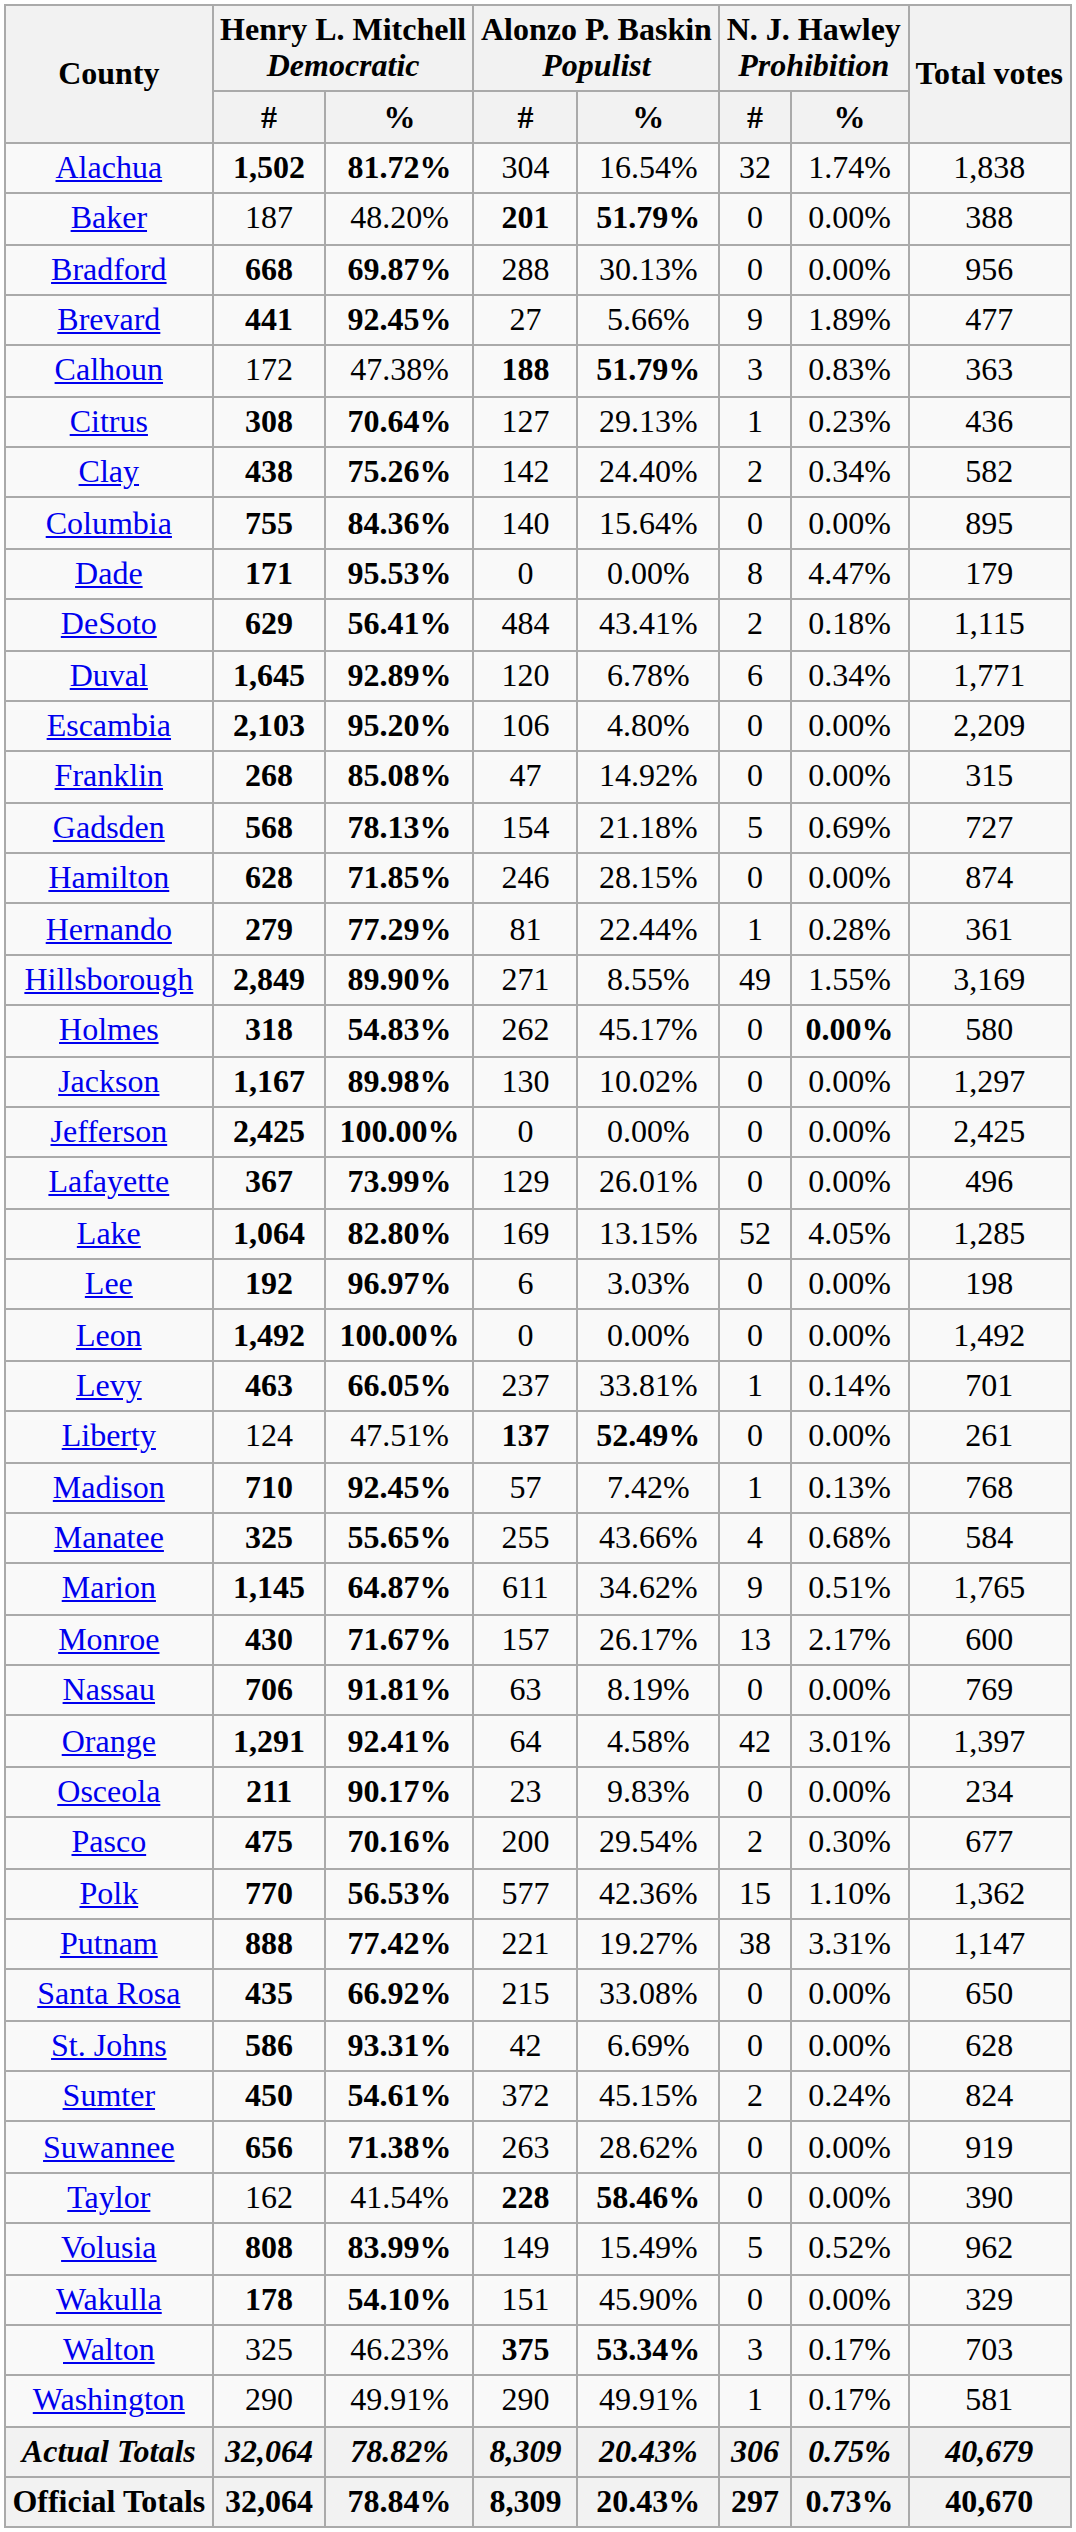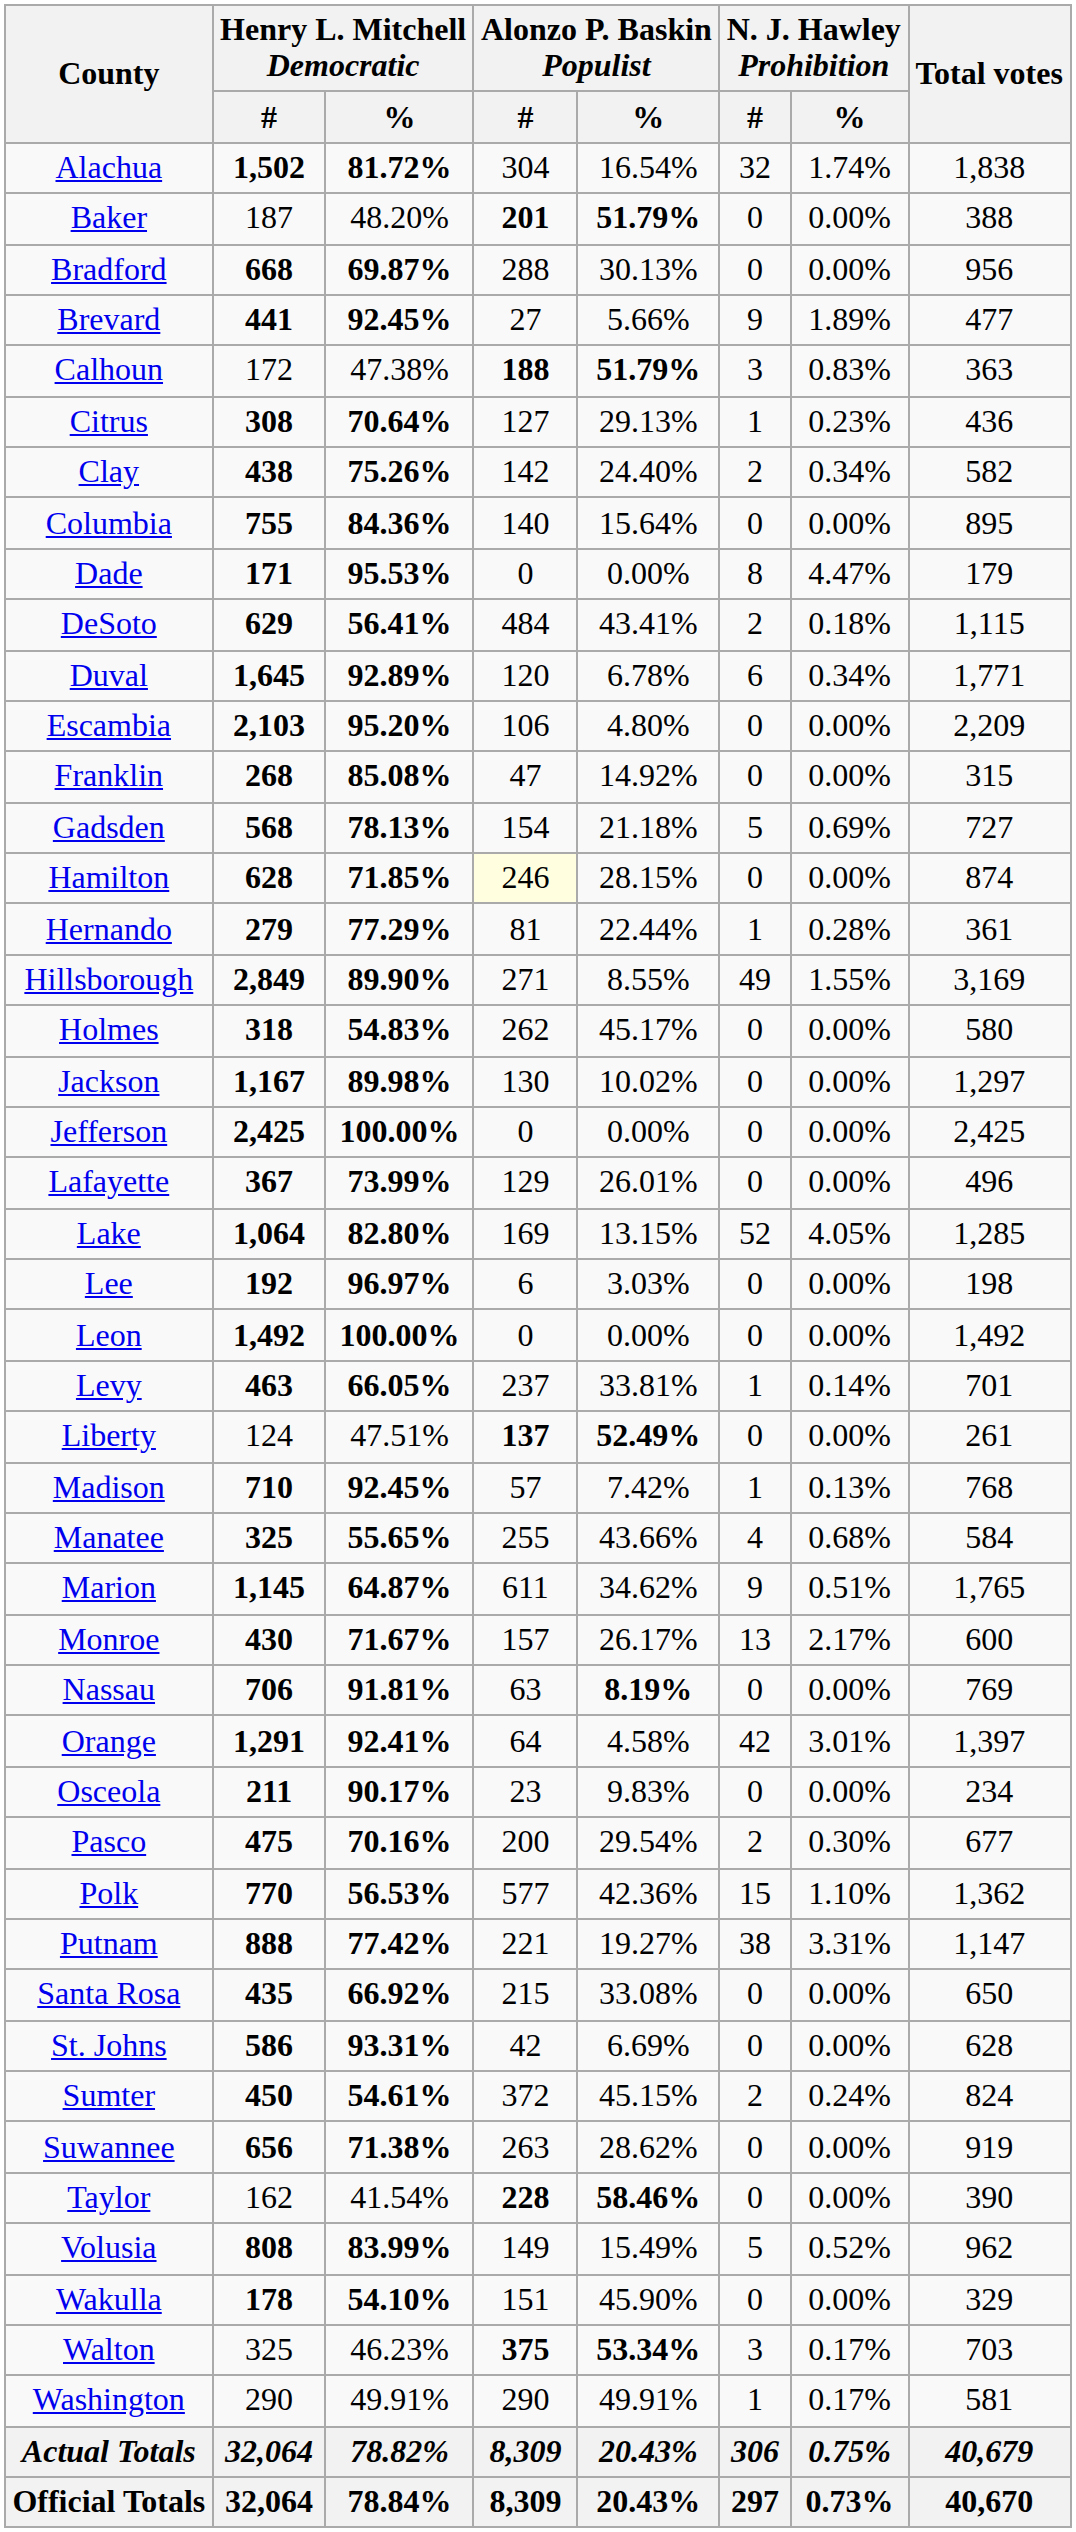 <table class="wikitable sortable">
 <tr>
 <th rowspan="2">County</th>
 <th colspan="2" style="text-align: center;" >Henry L. Mitchell <br><em>Democratic</em></th>
 <th colspan="2" style="text-align: center;" >Alonzo P. Baskin <br> <em>Populist</em></th>
 <th colspan="2" style="text-align: center;" >N. J. Hawley <br> <em>Prohibition</em></th>
 <th rowspan="2">Total votes</th>
 </tr>
 <tr>
 <th colspan="1" style="text-align: center;" >#</th>
 <th colspan="1" style="text-align: center;" >%</th>
 <th colspan="1" style="text-align: center;" >#</th>
 <th colspan="1" style="text-align: center;" >%</th>
 <th colspan="1" style="text-align: center;" >#</th>
 <th colspan="1" style="text-align: center;" >%</th>
 </tr>
 <tr style="text-align:center;">
 <td><a href='#'>Alachua</a></td>
 <td><strong>1,502</strong></td>
 <td><strong>81.72%</strong></td>
 <td>304</td>
 <td>16.54%</td>
 <td>32</td>
 <td>1.74%</td>
 <td>1,838</td>
 </tr>
 <tr style="text-align:center;">
 <td><a href='#'>Baker</a></td>
 <td>187</td>
 <td>48.20%</td>
 <td><strong>201</strong></td>
 <td><strong>51.79%</strong></td>
 <td>0</td>
 <td>0.00%</td>
 <td>388</td>
 </tr>
 <tr style="text-align:center;">
 <td><a href='#'>Bradford</a></td>
 <td><strong>668</strong></td>
 <td><strong>69.87%</strong></td>
 <td>288</td>
 <td>30.13%</td>
 <td>0</td>
 <td>0.00%</td>
 <td>956</td>
 </tr>
 <tr style="text-align:center;">
 <td><a href='#'>Brevard</a></td>
 <td><strong>441</strong></td>
 <td><strong>92.45%</strong></td>
 <td>27</td>
 <td>5.66%</td>
 <td>9</td>
 <td>1.89%</td>
 <td>477</td>
 </tr>
 <tr style="text-align:center;">
 <td><a href='#'>Calhoun</a></td>
 <td>172</td>
 <td>47.38%</td>
 <td><strong>188</strong></td>
 <td><strong>51.79%</strong></td>
 <td>3</td>
 <td>0.83%</td>
 <td>363</td>
 </tr>
 <tr style="text-align:center;">
 <td><a href='#'>Citrus</a></td>
 <td><strong>308</strong></td>
 <td><strong>70.64%</strong></td>
 <td>127</td>
 <td>29.13%</td>
 <td>1</td>
 <td>0.23%</td>
 <td>436</td>
 </tr>
 <tr style="text-align:center;">
 <td><a href='#'>Clay</a></td>
 <td><strong>438</strong></td>
 <td><strong>75.26%</strong></td>
 <td>142</td>
 <td>24.40%</td>
 <td>2</td>
 <td>0.34%</td>
 <td>582</td>
 </tr>
 <tr style="text-align:center;">
 <td><a href='#'>Columbia</a></td>
 <td><strong>755</strong></td>
 <td><strong>84.36%</strong></td>
 <td>140</td>
 <td>15.64%</td>
 <td>0</td>
 <td>0.00%</td>
 <td>895</td>
 </tr>
 <tr style="text-align:center;">
 <td><a href='#'>Dade</a></td>
 <td><strong>171</strong></td>
 <td><strong>95.53%</strong></td>
 <td>0</td>
 <td>0.00%</td>
 <td>8</td>
 <td>4.47%</td>
 <td>179</td>
 </tr>
 <tr style="text-align:center;">
 <td><a href='#'>DeSoto</a></td>
 <td><strong>629</strong></td>
 <td><strong>56.41%</strong></td>
 <td>484</td>
 <td>43.41%</td>
 <td>2</td>
 <td>0.18%</td>
 <td>1,115</td>
 </tr>
 <tr style="text-align:center;">
 <td><a href='#'>Duval</a></td>
 <td><strong>1,645</strong></td>
 <td><strong>92.89%</strong></td>
 <td>120</td>
 <td>6.78%</td>
 <td>6</td>
 <td>0.34%</td>
 <td>1,771</td>
 </tr>
 <tr style="text-align:center;">
 <td><a href='#'>Escambia</a></td>
 <td><strong>2,103</strong></td>
 <td><strong>95.20%</strong></td>
 <td>106</td>
 <td>4.80%</td>
 <td>0</td>
 <td>0.00%</td>
 <td>2,209</td>
 </tr>
 <tr style="text-align:center;">
 <td><a href='#'>Franklin</a></td>
 <td><strong>268</strong></td>
 <td><strong>85.08%</strong></td>
 <td>47</td>
 <td>14.92%</td>
 <td>0</td>
 <td>0.00%</td>
 <td>315</td>
 </tr>
 <tr style="text-align:center;">
 <td><a href='#'>Gadsden</a></td>
 <td><strong>568</strong></td>
 <td><strong>78.13%</strong></td>
 <td>154</td>
 <td>21.18%</td>
 <td>5</td>
 <td>0.69%</td>
 <td>727</td>
 </tr>
 <tr style="text-align:center;">
 <td><a href='#'>Hamilton</a></td>
 <td><strong>628</strong></td>
 <td><strong>71.85%</strong></td>
-<td>246</td>
+<td style="background: lightyellow;">246</td>
 <td>28.15%</td>
 <td>0</td>
 <td>0.00%</td>
 <td>874</td>
 </tr>
 <tr style="text-align:center;">
 <td><a href='#'>Hernando</a></td>
 <td><strong>279</strong></td>
 <td><strong>77.29%</strong></td>
 <td>81</td>
 <td>22.44%</td>
 <td>1</td>
 <td>0.28%</td>
 <td>361</td>
 </tr>
 <tr style="text-align:center;">
 <td><a href='#'>Hillsborough</a></td>
 <td><strong>2,849</strong></td>
 <td><strong>89.90%</strong></td>
 <td>271</td>
 <td>8.55%</td>
 <td>49</td>
 <td>1.55%</td>
 <td>3,169</td>
 </tr>
 <tr style="text-align:center;">
 <td><a href='#'>Holmes</a></td>
 <td><strong>318</strong></td>
 <td><strong>54.83%</strong></td>
 <td>262</td>
 <td>45.17%</td>
 <td>0</td>
-<td><strong>0.00%</strong></td>
+<td>0.00%</td>
 <td>580</td>
 </tr>
 <tr style="text-align:center;">
 <td><a href='#'>Jackson</a></td>
 <td><strong>1,167</strong></td>
 <td><strong>89.98%</strong></td>
 <td>130</td>
 <td>10.02%</td>
 <td>0</td>
 <td>0.00%</td>
 <td>1,297</td>
 </tr>
 <tr style="text-align:center;">
 <td><a href='#'>Jefferson</a></td>
 <td><strong>2,425</strong></td>
 <td><strong>100.00%</strong></td>
 <td>0</td>
 <td>0.00%</td>
 <td>0</td>
 <td>0.00%</td>
 <td>2,425</td>
 </tr>
 <tr style="text-align:center;">
 <td><a href='#'>Lafayette</a></td>
 <td><strong>367</strong></td>
 <td><strong>73.99%</strong></td>
 <td>129</td>
 <td>26.01%</td>
 <td>0</td>
 <td>0.00%</td>
 <td>496</td>
 </tr>
 <tr style="text-align:center;">
 <td><a href='#'>Lake</a></td>
 <td><strong>1,064</strong></td>
 <td><strong>82.80%</strong></td>
 <td>169</td>
 <td>13.15%</td>
 <td>52</td>
 <td>4.05%</td>
 <td>1,285</td>
 </tr>
 <tr style="text-align:center;">
 <td><a href='#'>Lee</a></td>
 <td><strong>192</strong></td>
 <td><strong>96.97%</strong></td>
 <td>6</td>
 <td>3.03%</td>
 <td>0</td>
 <td>0.00%</td>
 <td>198</td>
 </tr>
 <tr style="text-align:center;">
 <td><a href='#'>Leon</a></td>
 <td><strong>1,492</strong></td>
 <td><strong>100.00%</strong></td>
 <td>0</td>
 <td>0.00%</td>
 <td>0</td>
 <td>0.00%</td>
 <td>1,492</td>
 </tr>
 <tr style="text-align:center;">
 <td><a href='#'>Levy</a></td>
 <td><strong>463</strong></td>
 <td><strong>66.05%</strong></td>
 <td>237</td>
 <td>33.81%</td>
 <td>1</td>
 <td>0.14%</td>
 <td>701</td>
 </tr>
 <tr style="text-align:center;">
 <td><a href='#'>Liberty</a></td>
 <td>124</td>
 <td>47.51%</td>
 <td><strong>137</strong></td>
 <td><strong>52.49%</strong></td>
 <td>0</td>
 <td>0.00%</td>
 <td>261</td>
 </tr>
 <tr style="text-align:center;">
 <td><a href='#'>Madison</a></td>
 <td><strong>710</strong></td>
 <td><strong>92.45%</strong></td>
 <td>57</td>
 <td>7.42%</td>
 <td>1</td>
 <td>0.13%</td>
 <td>768</td>
 </tr>
 <tr style="text-align:center;">
 <td><a href='#'>Manatee</a></td>
 <td><strong>325</strong></td>
 <td><strong>55.65%</strong></td>
 <td>255</td>
 <td>43.66%</td>
 <td>4</td>
 <td>0.68%</td>
 <td>584</td>
 </tr>
 <tr style="text-align:center;">
 <td><a href='#'>Marion</a></td>
 <td><strong>1,145</strong></td>
 <td><strong>64.87%</strong></td>
 <td>611</td>
 <td>34.62%</td>
 <td>9</td>
 <td>0.51%</td>
 <td>1,765</td>
 </tr>
 <tr style="text-align:center;">
 <td><a href='#'>Monroe</a></td>
 <td><strong>430</strong></td>
 <td><strong>71.67%</strong></td>
 <td>157</td>
 <td>26.17%</td>
 <td>13</td>
 <td>2.17%</td>
 <td>600</td>
 </tr>
 <tr style="text-align:center;">
 <td><a href='#'>Nassau</a></td>
 <td><strong>706</strong></td>
 <td><strong>91.81%</strong></td>
 <td>63</td>
-<td>8.19%</td>
+<td><strong>8.19%</strong></td>
 <td>0</td>
 <td>0.00%</td>
 <td>769</td>
 </tr>
 <tr style="text-align:center;">
 <td><a href='#'>Orange</a></td>
 <td><strong>1,291</strong></td>
 <td><strong>92.41%</strong></td>
 <td>64</td>
 <td>4.58%</td>
 <td>42</td>
 <td>3.01%</td>
 <td>1,397</td>
 </tr>
 <tr style="text-align:center;">
 <td><a href='#'>Osceola</a></td>
 <td><strong>211</strong></td>
 <td><strong>90.17%</strong></td>
 <td>23</td>
 <td>9.83%</td>
 <td>0</td>
 <td>0.00%</td>
 <td>234</td>
 </tr>
 <tr style="text-align:center;">
 <td><a href='#'>Pasco</a></td>
 <td><strong>475</strong></td>
 <td><strong>70.16%</strong></td>
 <td>200</td>
 <td>29.54%</td>
 <td>2</td>
 <td>0.30%</td>
 <td>677</td>
 </tr>
 <tr style="text-align:center;">
 <td><a href='#'>Polk</a></td>
 <td><strong>770</strong></td>
 <td><strong>56.53%</strong></td>
 <td>577</td>
 <td>42.36%</td>
 <td>15</td>
 <td>1.10%</td>
 <td>1,362</td>
 </tr>
 <tr style="text-align:center;">
 <td><a href='#'>Putnam</a></td>
 <td><strong>888</strong></td>
 <td><strong>77.42%</strong></td>
 <td>221</td>
 <td>19.27%</td>
 <td>38</td>
 <td>3.31%</td>
 <td>1,147</td>
 </tr>
 <tr style="text-align:center;">
 <td><a href='#'>Santa Rosa</a></td>
 <td><strong>435</strong></td>
 <td><strong>66.92%</strong></td>
 <td>215</td>
 <td>33.08%</td>
 <td>0</td>
 <td>0.00%</td>
 <td>650</td>
 </tr>
 <tr style="text-align:center;">
 <td><a href='#'>St. Johns</a></td>
 <td><strong>586</strong></td>
 <td><strong>93.31%</strong></td>
 <td>42</td>
 <td>6.69%</td>
 <td>0</td>
 <td>0.00%</td>
 <td>628</td>
 </tr>
 <tr style="text-align:center;">
 <td><a href='#'>Sumter</a></td>
 <td><strong>450</strong></td>
 <td><strong>54.61%</strong></td>
 <td>372</td>
 <td>45.15%</td>
 <td>2</td>
 <td>0.24%</td>
 <td>824</td>
 </tr>
 <tr style="text-align:center;">
 <td><a href='#'>Suwannee</a></td>
 <td><strong>656</strong></td>
 <td><strong>71.38%</strong></td>
 <td>263</td>
 <td>28.62%</td>
 <td>0</td>
 <td>0.00%</td>
 <td>919</td>
 </tr>
 <tr style="text-align:center;">
 <td><a href='#'>Taylor</a></td>
 <td>162</td>
 <td>41.54%</td>
 <td><strong>228</strong></td>
 <td><strong>58.46%</strong></td>
 <td>0</td>
 <td>0.00%</td>
 <td>390</td>
 </tr>
 <tr style="text-align:center;">
 <td><a href='#'>Volusia</a></td>
 <td><strong>808</strong></td>
 <td><strong>83.99%</strong></td>
 <td>149</td>
 <td>15.49%</td>
 <td>5</td>
 <td>0.52%</td>
 <td>962</td>
 </tr>
 <tr style="text-align:center;">
 <td><a href='#'>Wakulla</a></td>
 <td><strong>178</strong></td>
 <td><strong>54.10%</strong></td>
 <td>151</td>
 <td>45.90%</td>
 <td>0</td>
 <td>0.00%</td>
 <td>329</td>
 </tr>
 <tr style="text-align:center;">
 <td><a href='#'>Walton</a></td>
 <td>325</td>
 <td>46.23%</td>
 <td><strong>375</strong></td>
 <td><strong>53.34%</strong></td>
 <td>3</td>
 <td>0.17%</td>
 <td>703</td>
 </tr>
 <tr style="text-align:center;">
 <td><a href='#'>Washington</a></td>
 <td>290</td>
 <td>49.91%</td>
 <td>290</td>
 <td>49.91%</td>
 <td>1</td>
 <td>0.17%</td>
 <td>581</td>
 </tr>
 <tr style="text-align:center;">
 <th><em>Actual Totals</em></th>
 <th><em>32,064</em></th>
 <th><em>78.82%</em></th>
 <th><em>8,309</em></th>
 <th><em>20.43%</em></th>
 <th><em>306</em></th>
 <th><em>0.75%</em></th>
 <th><em>40,679</em></th>
 </tr>
 <tr style="text-align:center;">
 <th>Official Totals</th>
 <th>32,064</th>
 <th>78.84%</th>
 <th>8,309</th>
 <th>20.43%</th>
 <th>297</th>
 <th>0.73%</th>
 <th>40,670</th>
 </tr>
 </table>
